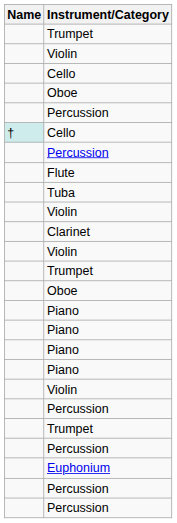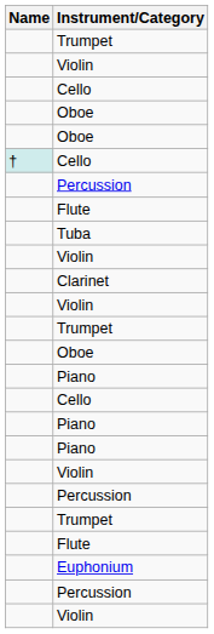 <table class="wikitable sortable" style="font-size: 95%">
 <tr>
 <th>Name</th>
 <th>Instrument/Category</th>
 </tr>
 <tr>
 <td><strong></strong></td>
 <td>Trumpet</td>
 </tr>
 <tr>
 <td></td>
 <td>Violin</td>
 </tr>
 <tr>
 <td></td>
 <td>Cello</td>
 </tr>
 <tr>
 <td><strong></strong></td>
 <td>Oboe</td>
 </tr>
 <tr>
 <td></td>
-<td>Percussion</td>
+<td>Oboe</td>
 </tr>
 <tr>
 <td bgcolor="#CFECEC"><strong></strong>†</td>
 <td>Cello</td>
 </tr>
 <tr>
 <td><strong></strong></td>
 <td><a href='#'>Percussion</a></td>
 </tr>
 <tr>
 <td></td>
 <td>Flute</td>
 </tr>
 <tr>
 <td></td>
 <td>Tuba</td>
 </tr>
 <tr>
 <td></td>
 <td>Violin</td>
 </tr>
 <tr>
 <td><strong></strong></td>
 <td>Clarinet</td>
 </tr>
 <tr>
 <td></td>
 <td>Violin</td>
 </tr>
 <tr>
 <td></td>
 <td>Trumpet</td>
 </tr>
 <tr>
 <td></td>
 <td>Oboe</td>
 </tr>
 <tr>
 <td></td>
 <td>Piano</td>
 </tr>
 <tr>
 <td><strong></strong></td>
-<td>Piano</td>
+<td>Cello</td>
 </tr>
 <tr>
 <td></td>
 <td>Piano</td>
 </tr>
 <tr>
 <td><strong></strong></td>
 <td>Piano</td>
 </tr>
 <tr>
 <td></td>
 <td>Violin</td>
 </tr>
 <tr>
 <td></td>
 <td>Percussion</td>
 </tr>
 <tr>
 <td><strong></strong></td>
 <td>Trumpet</td>
 </tr>
 <tr>
 <td></td>
-<td>Percussion</td>
+<td>Flute</td>
 </tr>
 <tr>
 <td></td>
 <td><a href='#'>Euphonium</a></td>
 </tr>
 <tr>
 <td></td>
 <td>Percussion</td>
 </tr>
 <tr>
 <td></td>
-<td>Percussion</td>
+<td>Violin</td>
 </tr>
 </table>
